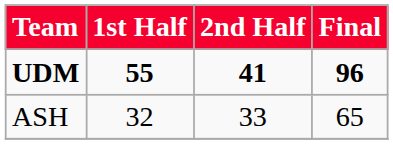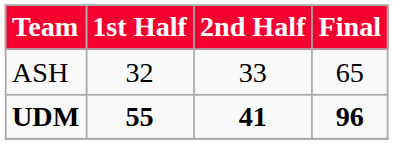 <table class="wikitable" align=right>
 <tr style="background: #F5002F; color: #FFFFFF">
 <td><strong>Team</strong></td>
 <td><strong>1st Half</strong></td>
 <td><strong>2nd Half</strong></td>
 <td><strong>Final</strong></td>
 </tr>
 <tr>
+<td>ASH</td>
+<td align=center>32</td>
+<td align=center>33</td>
+<td align=center>65</td>
+</tr>
+<tr>
 <td><strong>UDM</strong></td>
 <td align=center><strong>55</strong></td>
 <td align=center><strong>41</strong></td>
 <td align=center><strong>96</strong></td>
 </tr>
 <tr>
-<td>ASH</td>
-<td align=center>32</td>
-<td align=center>33</td>
-<td align=center>65</td>
-</tr>
-<tr>
 </tr>
 </table>
